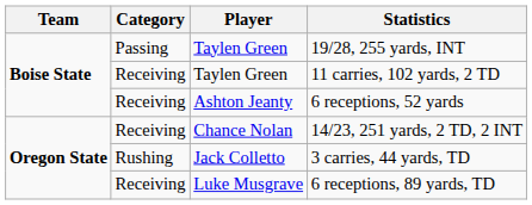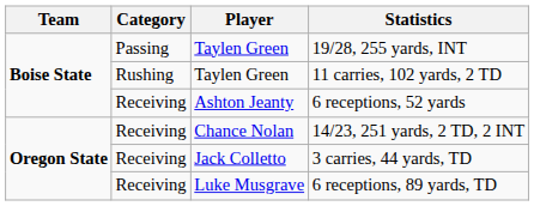 <table class="wikitable" style="float: right;">
 <tr>
 <th>Team</th>
 <th>Category</th>
 <th>Player</th>
 <th>Statistics</th>
 </tr>
 <tr>
 <td rowspan=3><strong>Boise State</strong></td>
 <td>Passing</td>
 <td><a href='#'>Taylen Green</a></td>
 <td>19/28, 255 yards, INT</td>
 </tr>
 <tr>
-<td>Receiving</td>
+<td>Rushing</td>
 <td>Taylen Green</td>
 <td>11 carries, 102 yards, 2 TD</td>
 </tr>
 <tr>
 <td>Receiving</td>
 <td><a href='#'>Ashton Jeanty</a></td>
 <td>6 receptions, 52 yards</td>
 </tr>
 <tr>
 <td rowspan=3><strong>Oregon State</strong></td>
 <td>Receiving</td>
 <td><a href='#'>Chance Nolan</a></td>
 <td>14/23, 251 yards, 2 TD, 2 INT</td>
 </tr>
 <tr>
-<td>Rushing</td>
+<td>Receiving</td>
 <td><a href='#'>Jack Colletto</a></td>
 <td>3 carries, 44 yards, TD</td>
 </tr>
 <tr>
 <td>Receiving</td>
 <td><a href='#'>Luke Musgrave</a></td>
 <td>6 receptions, 89 yards, TD</td>
 </tr>
 </table>
